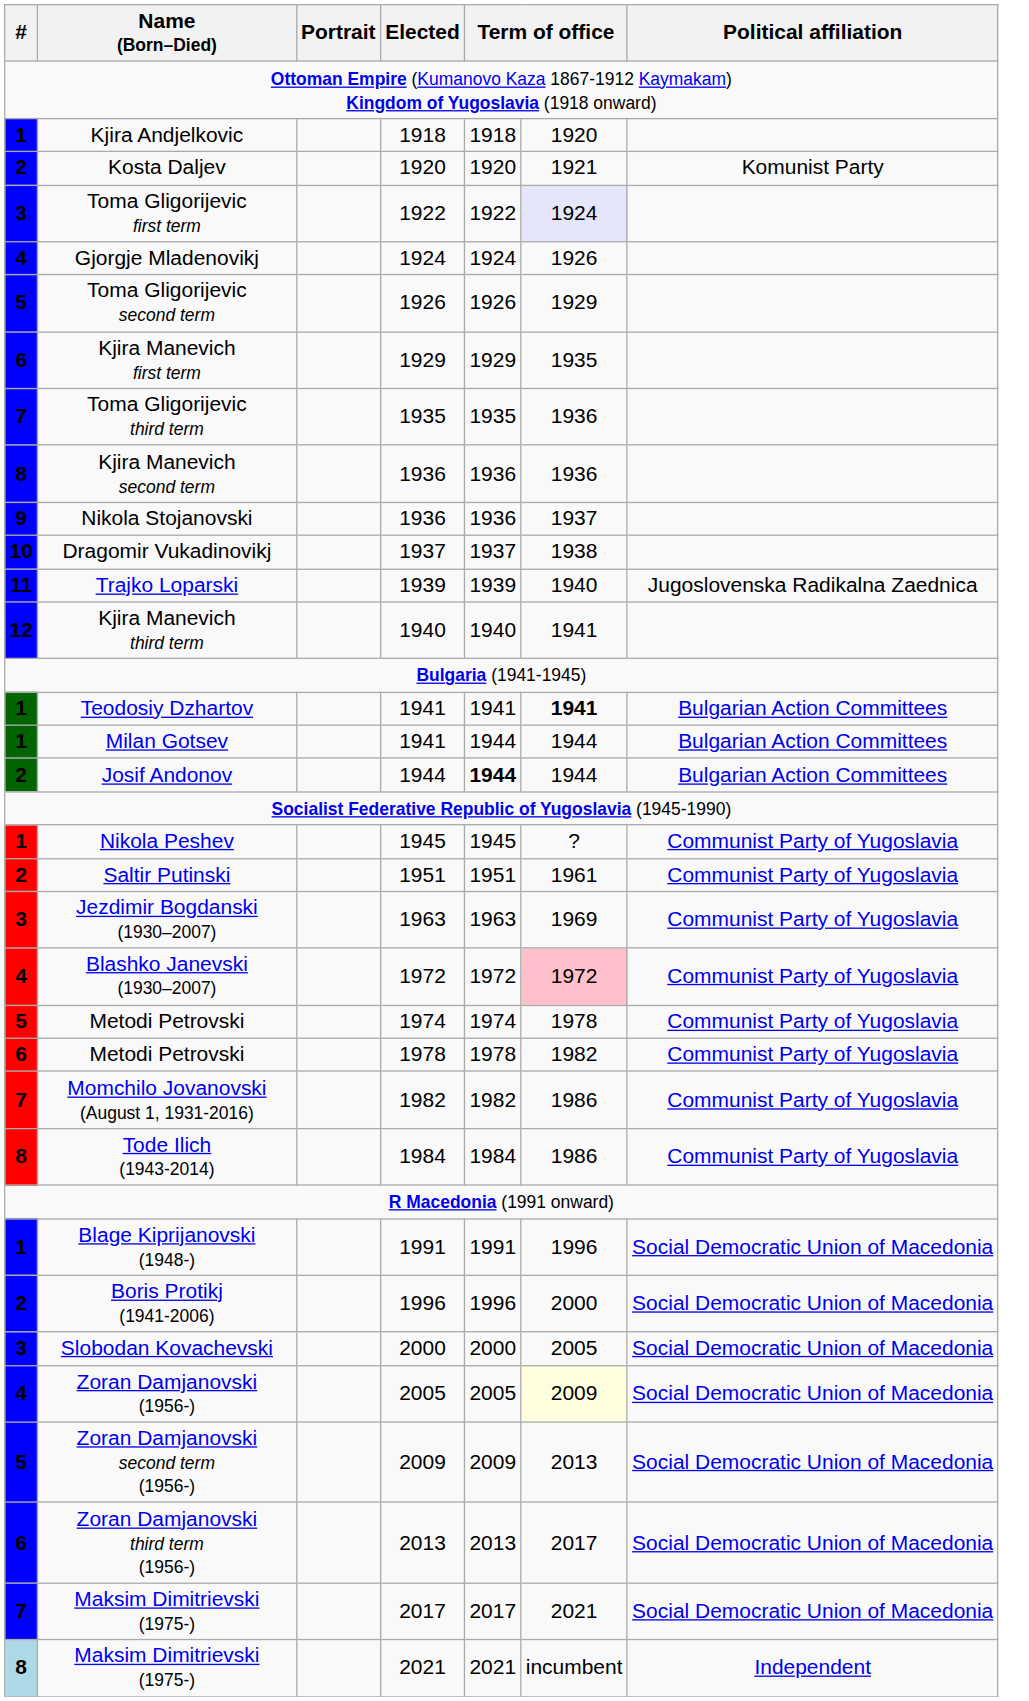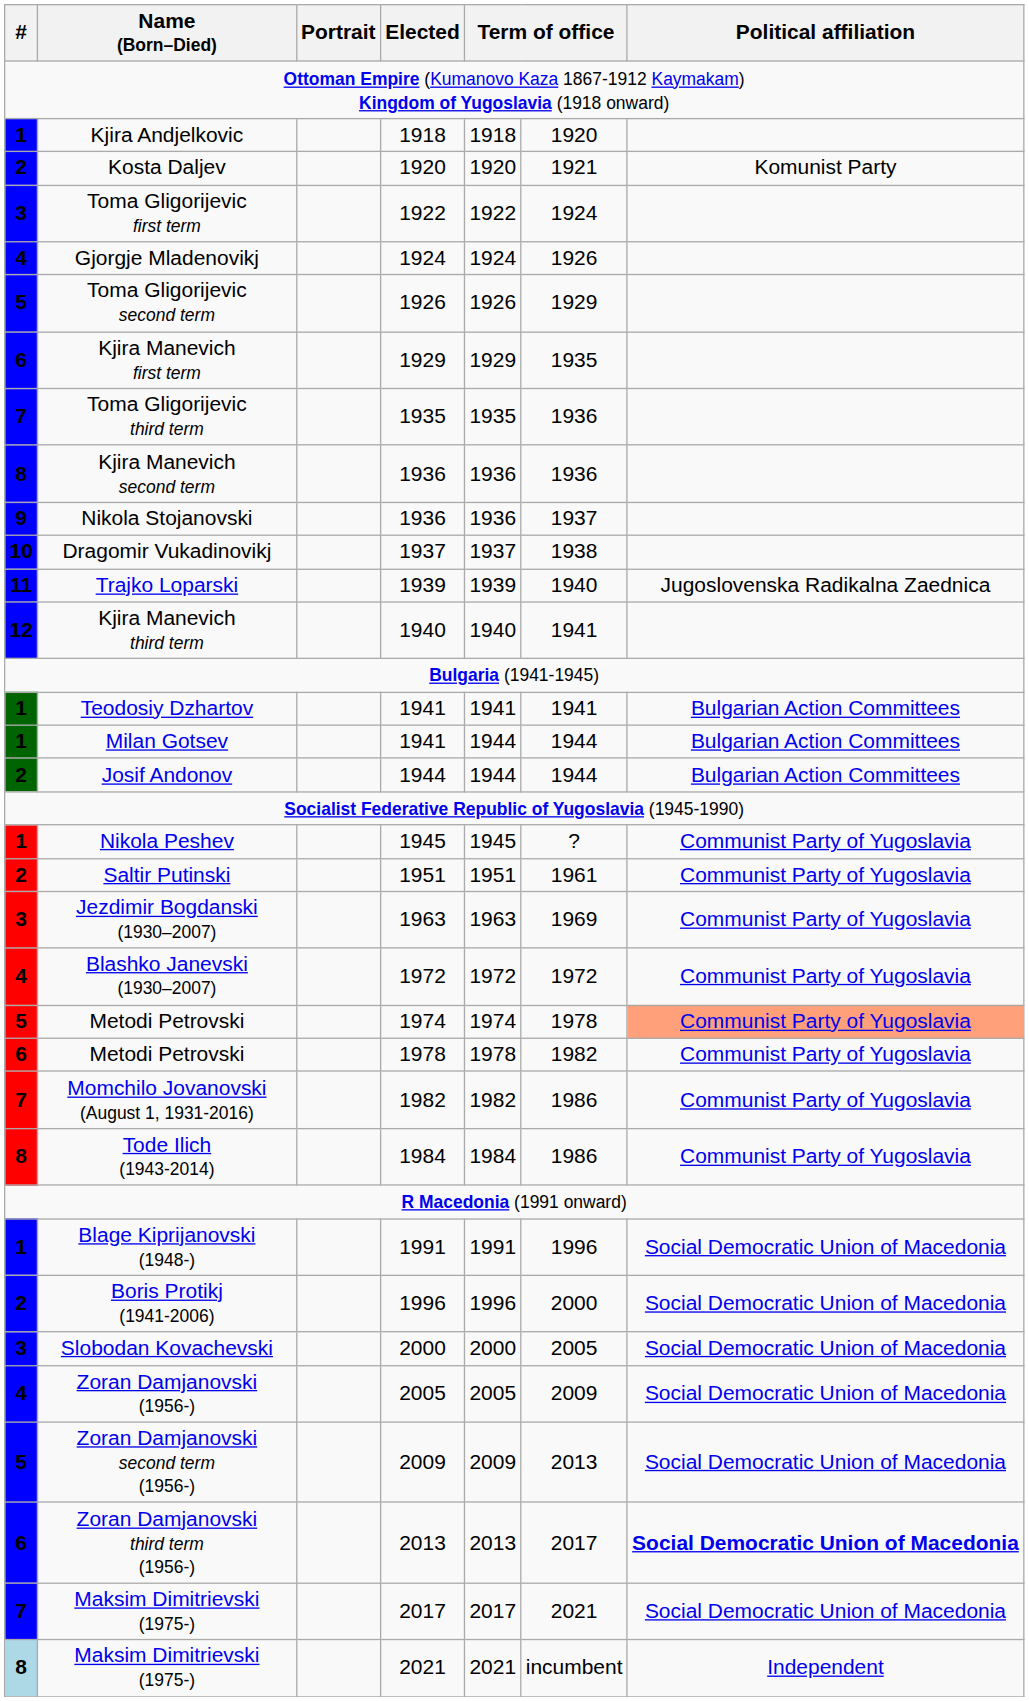 <table class="wikitable" style="text-align:center">
 <tr ->
 <th>#</th>
 <th width=190>Name<br><small>(Born–Died)</small></th>
 <th>Portrait</th>
 <th>Elected</th>
 <th colspan=2>Term of office</th>
 <th>Political affiliation</th>
 </tr>
 <tr ->
 <td align="center" colspan="7"><small> <strong><a href='#'>Ottoman Empire</a></strong> (<a href='#'>Kumanovo Kaza</a> 1867-1912 <a href='#'>Kaymakam</a>) <br> <strong><a href='#'>Kingdom of Yugoslavia</a></strong> (1918 onward)</small></td>
 </tr>
 <tr ->
 <th style="background:blue;">1</th>
 <td> Kjira Andjelkovic</td>
 <td></td>
 <td>1918</td>
 <td>1918</td>
 <td>1920</td>
 <td></td>
 </tr>
 <tr ->
 <th style="background:blue;">2</th>
 <td> Kosta Daljev</td>
 <td></td>
 <td>1920</td>
 <td>1920</td>
 <td>1921</td>
 <td>Komunist Party</td>
 </tr>
 <tr ->
 <th style="background:blue;">3</th>
 <td> Toma Gligorijevic <br> <small><em>first term</em></small></td>
 <td></td>
 <td>1922</td>
 <td>1922</td>
-<td style="background: lavender;">1924</td>
+<td>1924</td>
 <td></td>
 </tr>
 <tr ->
 <th style="background:blue;">4</th>
 <td> Gjorgje Mladenovikj</td>
 <td></td>
 <td>1924</td>
 <td>1924</td>
 <td>1926</td>
 <td></td>
 </tr>
 <tr ->
 <th style="background:blue;">5</th>
 <td> Toma Gligorijevic <br> <small><em>second term</em></small></td>
 <td></td>
 <td>1926</td>
 <td>1926</td>
 <td>1929</td>
 <td></td>
 </tr>
 <tr ->
 <th style="background:blue;">6</th>
 <td> Kjira Manevich <br> <small><em>first term</em></small> </td>
 <td></td>
 <td>1929</td>
 <td>1929</td>
 <td>1935</td>
 <td></td>
 </tr>
 <tr ->
 <th style="background:blue;">7</th>
 <td> Toma Gligorijevic <br> <small><em>third term</em></small></td>
 <td></td>
 <td>1935</td>
 <td>1935</td>
 <td>1936</td>
 <td></td>
 </tr>
 <tr ->
 <th style="background:blue;">8</th>
 <td> Kjira Manevich <br> <small><em>second term</em></small></td>
 <td></td>
 <td>1936</td>
 <td>1936</td>
 <td>1936</td>
 <td></td>
 </tr>
 <tr ->
 <th style="background:blue;">9</th>
 <td> Nikola Stojanovski</td>
 <td></td>
 <td>1936</td>
 <td>1936</td>
 <td>1937</td>
 <td></td>
 </tr>
 <tr ->
 <th style="background:blue;">10</th>
 <td> Dragomir Vukadinovikj</td>
 <td></td>
 <td>1937</td>
 <td>1937</td>
 <td>1938</td>
 <td></td>
 </tr>
 <tr ->
 <th style="background:blue;">11</th>
 <td> <a href='#'>Trajko Loparski</a></td>
 <td></td>
 <td>1939</td>
 <td>1939</td>
 <td>1940</td>
 <td>Jugoslovenska Radikalna Zaednica</td>
 </tr>
 <tr ->
 <th style="background:blue;">12</th>
 <td> Kjira Manevich <br> <small><em>third term</em></small></td>
 <td></td>
 <td>1940</td>
 <td>1940</td>
 <td>1941</td>
 <td></td>
 </tr>
 <tr ->
 <td align="center" colspan="7"><small><strong><a href='#'>Bulgaria</a></strong> (1941-1945)</small></td>
 </tr>
 <tr ->
 <th style="background:darkgreen;">1</th>
 <td> <a href='#'>Teodosiy Dzhartov</a></td>
 <td></td>
 <td>1941</td>
 <td>1941</td>
-<td><strong>1941</strong></td>
+<td>1941</td>
 <td><a href='#'>Bulgarian Action Committees</a></td>
 </tr>
 <tr ->
 <th style="background:darkgreen;">1</th>
 <td> <a href='#'>Milan Gotsev</a></td>
 <td></td>
 <td>1941</td>
 <td>1944</td>
 <td>1944</td>
 <td><a href='#'>Bulgarian Action Committees</a></td>
 </tr>
 <tr ->
 <th style="background:darkgreen;">2</th>
 <td> <a href='#'>Josif Andonov</a></td>
 <td></td>
 <td>1944</td>
-<td><strong>1944</strong></td>
+<td>1944</td>
 <td>1944</td>
 <td><a href='#'>Bulgarian Action Committees</a></td>
 </tr>
 <tr ->
 <td align="center" colspan="7"><small><strong><a href='#'>Socialist Federative Republic of Yugoslavia</a></strong> (1945-1990)</small></td>
 </tr>
 <tr ->
 <th style="background:red;">1</th>
 <td> <a href='#'>Nikola Peshev</a></td>
 <td></td>
 <td>1945</td>
 <td>1945</td>
 <td>?</td>
 <td><a href='#'>Communist Party of Yugoslavia</a></td>
 </tr>
 <tr ->
 <th style="background:red;">2</th>
 <td> <a href='#'>Saltir Putinski</a></td>
 <td></td>
 <td>1951</td>
 <td>1951</td>
 <td>1961</td>
 <td><a href='#'>Communist Party of Yugoslavia</a></td>
 </tr>
 <tr ->
 <th style="background:red;">3</th>
 <td> <a href='#'>Jezdimir Bogdanski</a> <br> <small>(1930–2007)</small></td>
 <td></td>
 <td>1963</td>
 <td>1963</td>
 <td>1969</td>
 <td><a href='#'>Communist Party of Yugoslavia</a></td>
 </tr>
 <tr ->
 <th style="background:red;">4</th>
 <td> <a href='#'>Blashko Janevski</a> <br> <small>(1930–2007)</small></td>
 <td></td>
 <td>1972</td>
 <td>1972</td>
-<td style="background: pink;">1972</td>
+<td>1972</td>
 <td><a href='#'>Communist Party of Yugoslavia</a></td>
 </tr>
 <tr ->
 <th style="background:red;">5</th>
 <td> Metodi Petrovski</td>
 <td></td>
 <td>1974</td>
 <td>1974</td>
 <td>1978</td>
-<td><a href='#'>Communist Party of Yugoslavia</a></td>
+<td style="background: lightsalmon;"><a href='#'>Communist Party of Yugoslavia</a></td>
 </tr>
 <tr ->
 <th style="background:red;">6</th>
 <td> Metodi Petrovski</td>
 <td></td>
 <td>1978</td>
 <td>1978</td>
 <td>1982</td>
 <td><a href='#'>Communist Party of Yugoslavia</a></td>
 </tr>
 <tr ->
 <th style="background:red;">7</th>
 <td> <a href='#'>Momchilo Jovanovski</a> <br> <small>(August 1, 1931-2016)</small> </td>
 <td></td>
 <td>1982</td>
 <td>1982</td>
 <td>1986</td>
 <td><a href='#'>Communist Party of Yugoslavia</a></td>
 </tr>
 <tr ->
 <th style="background:red;">8</th>
 <td> <a href='#'>Tode Ilich</a> <br> <small>(1943-2014)</small></td>
 <td></td>
 <td>1984</td>
 <td>1984</td>
 <td>1986</td>
 <td><a href='#'>Communist Party of Yugoslavia</a></td>
 </tr>
 <tr ->
 <td align="center" colspan="7"><small><strong><a href='#'>R Macedonia</a></strong> (1991 onward)</small></td>
 </tr>
 <tr ->
 <th style="background:blue;">1</th>
 <td> <a href='#'>Blage Kiprijanovski</a><br><small>(1948-)</small></td>
 <td></td>
 <td>1991</td>
 <td>1991</td>
 <td>1996</td>
 <td><a href='#'>Social Democratic Union of Macedonia</a></td>
 </tr>
 <tr ->
 <th style="background:blue;">2</th>
 <td> <a href='#'>Boris Protikj</a> <br><small>(1941-2006)</small></td>
 <td></td>
 <td>1996</td>
 <td>1996</td>
 <td>2000</td>
 <td><a href='#'>Social Democratic Union of Macedonia</a></td>
 </tr>
 <tr ->
 <th style="background:blue;">3</th>
 <td> <a href='#'>Slobodan Kovachevski</a><br></td>
 <td></td>
 <td>2000</td>
 <td>2000</td>
 <td>2005</td>
 <td><a href='#'>Social Democratic Union of Macedonia</a></td>
 </tr>
 <tr ->
 <th style="background:blue;">4</th>
 <td> <a href='#'>Zoran Damjanovski</a> <br><small>(1956-)</small></td>
 <td></td>
 <td>2005</td>
 <td>2005</td>
-<td style="background: lightyellow;">2009</td>
+<td>2009</td>
 <td><a href='#'>Social Democratic Union of Macedonia</a></td>
 </tr>
 <tr ->
 <th style="background:blue;">5</th>
 <td> <a href='#'>Zoran Damjanovski</a> <br> <small><em>second term</em></small> <br> <small>(1956-)</small></td>
 <td></td>
 <td>2009</td>
 <td>2009</td>
 <td>2013</td>
 <td><a href='#'>Social Democratic Union of Macedonia</a></td>
 </tr>
 <tr ->
 <th style="background:blue;">6</th>
 <td> <a href='#'>Zoran Damjanovski</a> <br> <small><em>third term</em></small> <br> <small>(1956-)</small></td>
 <td></td>
 <td>2013</td>
 <td>2013</td>
 <td>2017</td>
-<td><a href='#'>Social Democratic Union of Macedonia</a></td>
+<td><strong><a href='#'>Social Democratic Union of Macedonia</a></strong></td>
 </tr>
 <tr ->
 <th style="background:blue;">7</th>
 <td> <a href='#'>Maksim Dimitrievski</a>  <br> <small>(1975-)</small></td>
 <td></td>
 <td>2017</td>
 <td>2017</td>
 <td>2021</td>
 <td><a href='#'>Social Democratic Union of Macedonia</a></td>
 </tr>
 <tr ->
 <th style="background:lightblue;">8</th>
 <td> <a href='#'>Maksim Dimitrievski</a>  <br> <small>(1975-)</small></td>
 <td></td>
 <td>2021</td>
 <td>2021</td>
 <td>incumbent</td>
 <td><a href='#'>Independent</a></td>
 </tr>
 <tr ->
 </tr>
 </table>
